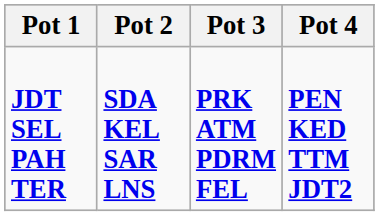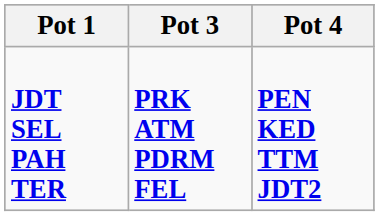 <table class=wikitable>
 <tr>
 <th width=25%>Pot 1</th>
-<th width=25%>Pot 2</th>
 <th width=25%>Pot 3</th>
 <th width=25%>Pot 4</th>
 </tr>
 <tr valign=top>
 <td><br> <strong><a href='#'>JDT</a><br></strong>  <strong><a href='#'>SEL</a><br></strong>  <strong><a href='#'>PAH</a><br></strong>  <strong><a href='#'>TER</a><br></strong></td>
-<td><br> <strong><a href='#'>SDA</a><br></strong>  <strong><a href='#'>KEL</a><br></strong>  <strong><a href='#'>SAR</a><br></strong>  <strong><a href='#'>LNS</a><br></strong></td>
 <td><br> <strong><a href='#'>PRK</a><br></strong>  <strong><a href='#'>ATM</a><br></strong>  <strong><a href='#'>PDRM</a><br></strong>  <strong><a href='#'>FEL</a><br></strong></td>
 <td><br> <strong><a href='#'>PEN</a><br></strong>  <strong><a href='#'>KED</a><br></strong>  <strong><a href='#'>TTM</a><br></strong>  <strong><a href='#'>JDT2</a><br></strong></td>
 </tr>
 </table>
